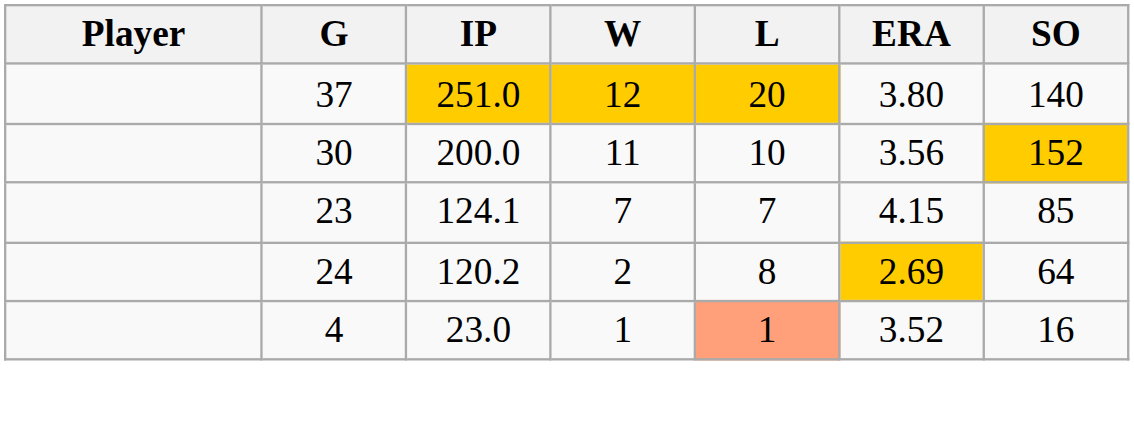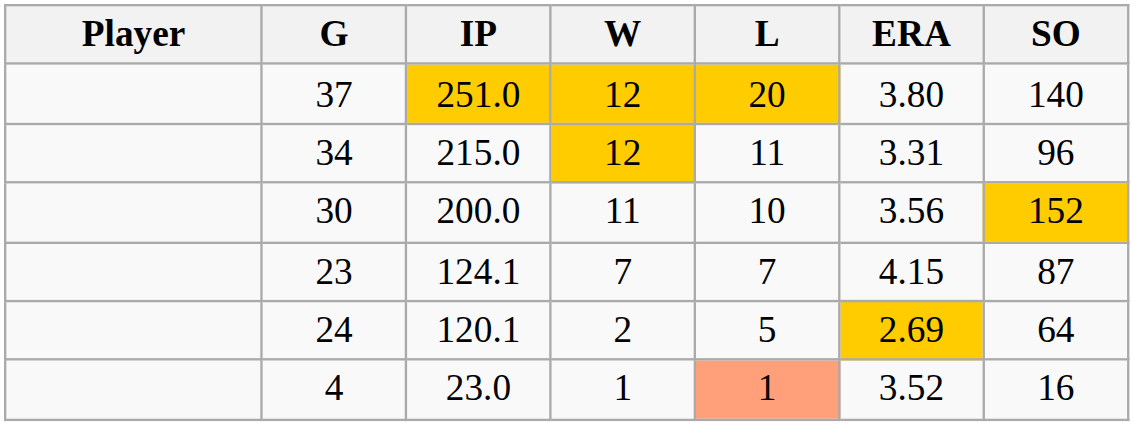 <table class="wikitable sortable">
 <tr>
 <th bgcolor="#DDDDFF" width="16%">Player</th>
 <th bgcolor="#DDDDFF" width="9%">G</th>
 <th bgcolor="#DDDDFF" width="9%">IP</th>
 <th bgcolor="#DDDDFF" width="9%">W</th>
 <th bgcolor="#DDDDFF" width="9%">L</th>
 <th bgcolor="#DDDDFF" width="9%">ERA</th>
 <th bgcolor="#DDDDFF" width="9%">SO</th>
 </tr>
 <tr align="center">
 <td></td>
 <td>37</td>
 <td style="background:#fc0;">251.0</td>
 <td style="background:#fc0;">12</td>
 <td style="background:#fc0;">20</td>
 <td>3.80</td>
 <td>140</td>
 </tr>
 <tr align="center">
 <td></td>
+<td>34</td>
+<td>215.0</td>
+<td style="background:#fc0;">12</td>
+<td>11</td>
+<td>3.31</td>
+<td>96</td>
+</tr>
+<tr align="center">
+<td></td>
 <td>30</td>
 <td>200.0</td>
 <td>11</td>
 <td>10</td>
 <td>3.56</td>
 <td style="background:#fc0;">152</td>
 </tr>
 <tr align="center">
 <td></td>
 <td>23</td>
 <td>124.1</td>
 <td>7</td>
 <td>7</td>
 <td>4.15</td>
-<td>85</td>
+<td>87</td>
 </tr>
 <tr align="center">
 <td></td>
 <td>24</td>
-<td>120.2</td>
+<td>120.1</td>
 <td>2</td>
-<td>8</td>
+<td>5</td>
 <td style="background:#fc0;">2.69</td>
 <td>64</td>
 </tr>
 <tr align="center">
 <td></td>
 <td>4</td>
 <td>23.0</td>
 <td>1</td>
 <td style="background: lightsalmon;">1</td>
 <td>3.52</td>
 <td>16</td>
 </tr>
 </table>
